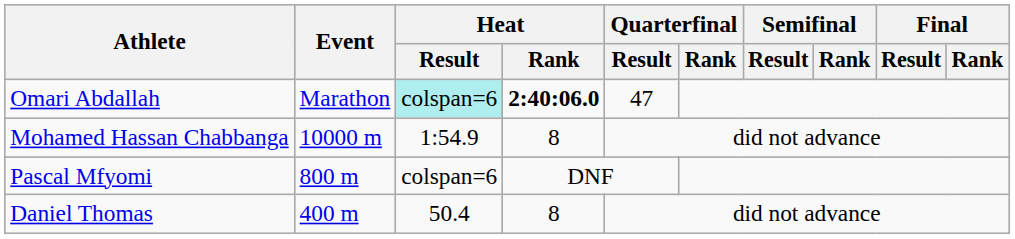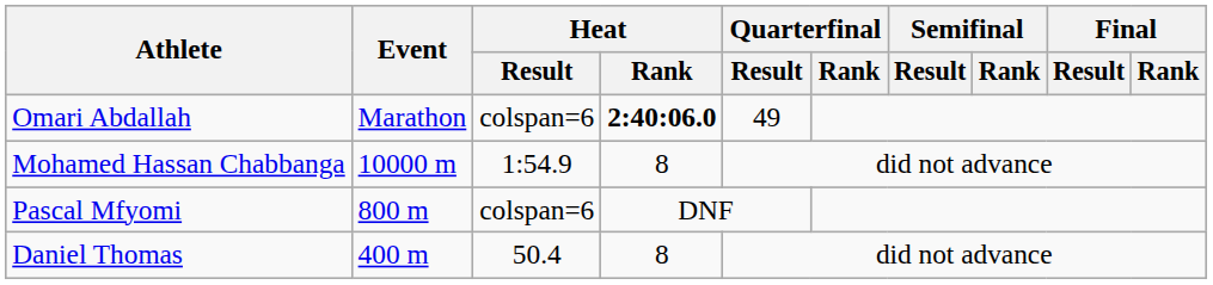 <table class="wikitable" style="font-size:90%">
 <tr>
 <th rowspan="2">Athlete</th>
 <th rowspan="2">Event</th>
 <th colspan="2">Heat</th>
 <th colspan="2">Quarterfinal</th>
 <th colspan="2">Semifinal</th>
 <th colspan="2">Final</th>
 </tr>
 <tr style="font-size:95%">
 <th>Result</th>
 <th>Rank</th>
 <th>Result</th>
 <th>Rank</th>
 <th>Result</th>
 <th>Rank</th>
 <th>Result</th>
 <th>Rank</th>
 </tr>
 <tr align=center>
 <td align=left><a href='#'>Omari Abdallah</a></td>
 <td align=left><a href='#'>Marathon</a></td>
-<td style="background: paleturquoise;">colspan=6 </td>
+<td>colspan=6 </td>
 <td><strong>2:40:06.0</strong></td>
-<td>47</td>
+<td>49</td>
 </tr>
 <tr align=center>
 <td align=left><a href='#'>Mohamed Hassan Chabbanga</a></td>
 <td align=left><a href='#'>10000 m</a></td>
 <td>1:54.9</td>
 <td>8</td>
 <td colspan=6>did not advance</td>
 </tr>
 <tr align=center>
 <td align=left><a href='#'>Pascal Mfyomi</a></td>
 <td align=left><a href='#'>800 m</a></td>
 <td>colspan=6 </td>
 <td colspan=2>DNF</td>
 </tr>
 <tr align=center>
 <td align=left><a href='#'>Daniel Thomas</a></td>
 <td align=left><a href='#'>400 m</a></td>
 <td>50.4</td>
 <td>8</td>
 <td colspan=6>did not advance</td>
 </tr>
 </table>
